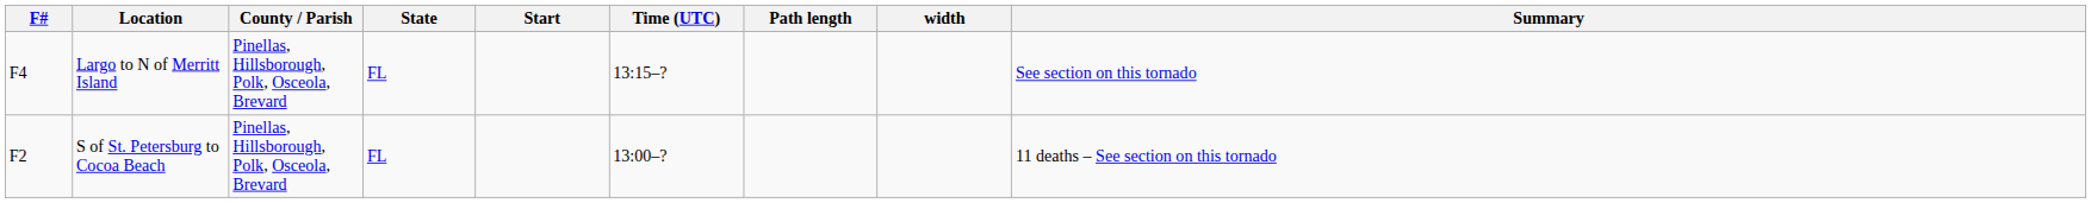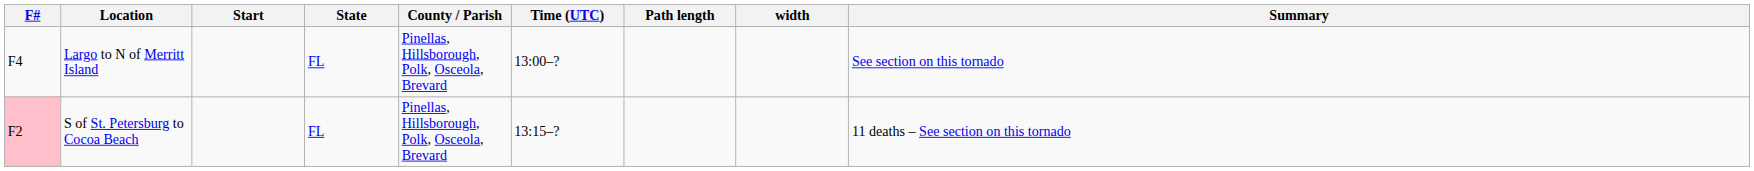 <table class="wikitable sortable" style="width:100%;">
 <tr>
 <th scope="col"  style="width:3%; text-align:center;"><a href='#'>F#</a></th>
 <th scope="col"  style="width:7%; text-align:center;" class="unsortable">Location</th>
+<th scope="col"  style="width:6%; text-align:center;">Start<br></th>
+<th scope="col"  style="width:5%; text-align:center;">State</th>
 <th scope="col"  style="width:6%; text-align:center;" class="unsortable">County / Parish</th>
-<th scope="col"  style="width:5%; text-align:center;">State</th>
-<th scope="col"  style="width:6%; text-align:center;">Start<br></th>
 <th scope="col"  style="width:6%; text-align:center;">Time (<a href='#'>UTC</a>)</th>
 <th scope="col"  style="width:6%; text-align:center;">Path length</th>
 <th scope="col"  style="width:6%; text-align:center;"> width</th>
 <th scope="col" class="unsortable" style="width:48%; text-align:center;">Summary</th>
 </tr>
 <tr>
 <td>F4</td>
 <td><a href='#'>Largo</a> to N of <a href='#'>Merritt Island</a></td>
+<td></td>
+<td><a href='#'>FL</a></td>
 <td><a href='#'>Pinellas</a>, <a href='#'>Hillsborough</a>, <a href='#'>Polk</a>, <a href='#'>Osceola</a>, <a href='#'>Brevard</a></td>
-<td><a href='#'>FL</a></td>
-<td></td>
-<td>13:15–?</td>
+<td>13:00–?</td>
 <td></td>
 <td></td>
 <td><a href='#'>See section on this tornado</a></td>
 </tr>
 <tr>
-<td>F2</td>
+<td style="background: pink;">F2</td>
 <td>S of <a href='#'>St. Petersburg</a> to <a href='#'>Cocoa Beach</a></td>
+<td></td>
+<td><a href='#'>FL</a></td>
 <td><a href='#'>Pinellas</a>, <a href='#'>Hillsborough</a>, <a href='#'>Polk</a>, <a href='#'>Osceola</a>, <a href='#'>Brevard</a></td>
-<td><a href='#'>FL</a></td>
-<td></td>
-<td>13:00–?</td>
+<td>13:15–?</td>
 <td></td>
 <td></td>
 <td>11 deaths – <a href='#'>See section on this tornado</a></td>
 </tr>
 </table>
